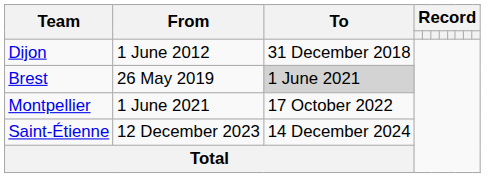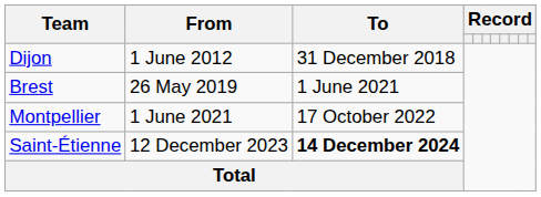 <table class="wikitable" style="text-align:center">
 <tr>
 <th rowspan="2">Team</th>
 <th rowspan="2">From</th>
 <th rowspan="2">To</th>
 <th colspan="8">Record</th>
 </tr>
 <tr>
 <th></th>
 <th></th>
 <th></th>
 <th></th>
 <th></th>
 <th></th>
 <th></th>
 <th></th>
 </tr>
 <tr>
 <td align=left><a href='#'>Dijon</a></td>
 <td align=left>1 June 2012</td>
 <td align=left>31 December 2018<br></td>
 </tr>
 <tr>
 <td align=left><a href='#'>Brest</a></td>
 <td align=left>26 May 2019</td>
-<td align=left style="background: lightgrey;">1 June 2021<br></td>
+<td align=left>1 June 2021<br></td>
 </tr>
 <tr>
 <td align=left><a href='#'>Montpellier</a></td>
 <td align=left>1 June 2021</td>
 <td align=left>17 October 2022<br></td>
 </tr>
 <tr>
 <td align=left><a href='#'>Saint-Étienne</a></td>
 <td align=left>12 December 2023</td>
-<td align=left>14 December 2024<br></td>
+<td align=left><strong>14 December 2024<br></strong></td>
 </tr>
 <tr>
 <th colspan="3">Total<br></th>
 </tr>
 </table>
